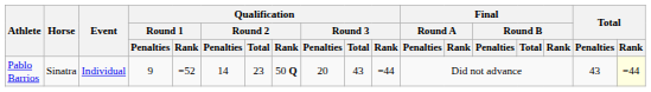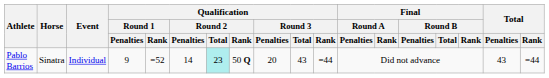 <table class="wikitable" style="font-size:90%">
 <tr>
 <th rowspan="3">Athlete</th>
 <th rowspan="3">Horse</th>
 <th rowspan="3">Event</th>
 <th colspan="8">Qualification</th>
 <th colspan="5">Final</th>
 <th rowspan=2 colspan="2">Total</th>
 </tr>
 <tr style="font-size:95%">
 <th colspan="2">Round 1</th>
 <th colspan="3">Round 2</th>
 <th colspan="3">Round 3</th>
 <th colspan="2">Round A</th>
 <th colspan="3">Round B</th>
 </tr>
 <tr style="font-size:95%">
 <th>Penalties</th>
 <th>Rank</th>
 <th>Penalties</th>
 <th>Total</th>
 <th>Rank</th>
 <th>Penalties</th>
 <th>Total</th>
 <th>Rank</th>
 <th>Penalties</th>
 <th>Rank</th>
 <th>Penalties</th>
 <th>Total</th>
 <th>Rank</th>
 <th>Penalties</th>
 <th>Rank</th>
 </tr>
 <tr align=center>
 <td align=left><a href='#'>Pablo Barrios</a></td>
 <td align=left>Sinatra</td>
 <td align=left><a href='#'>Individual</a></td>
 <td>9</td>
 <td>=52</td>
 <td>14</td>
-<td>23</td>
+<td style="background: paleturquoise;">23</td>
 <td>50 <strong>Q</strong></td>
 <td>20</td>
 <td>43</td>
 <td>=44</td>
 <td colspan=5>Did not advance</td>
 <td>43</td>
-<td style="background: lightyellow;">=44</td>
+<td>=44</td>
 </tr>
 </table>
